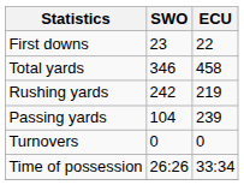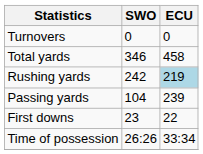 <table class="wikitable" style="float: left;">
 <tr>
 <th>Statistics</th>
 <th>SWO</th>
 <th>ECU</th>
 </tr>
 <tr>
-<td>First downs</td>
-<td>23</td>
-<td>22</td>
+<td>Turnovers</td>
+<td>0</td>
+<td>0</td>
 </tr>
 <tr>
 <td>Total yards</td>
 <td>346</td>
 <td>458</td>
 </tr>
 <tr>
 <td>Rushing yards</td>
 <td>242</td>
-<td>219</td>
+<td style="background: lightblue;">219</td>
 </tr>
 <tr>
 <td>Passing yards</td>
 <td>104</td>
 <td>239</td>
 </tr>
 <tr>
-<td>Turnovers</td>
-<td>0</td>
-<td>0</td>
+<td>First downs</td>
+<td>23</td>
+<td>22</td>
 </tr>
 <tr>
 <td>Time of possession</td>
 <td>26:26</td>
 <td>33:34</td>
 </tr>
 <tr>
 </tr>
 </table>
